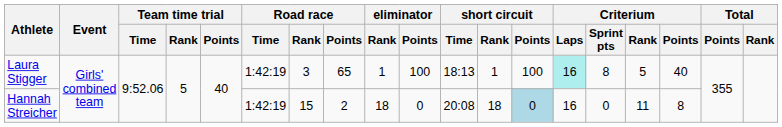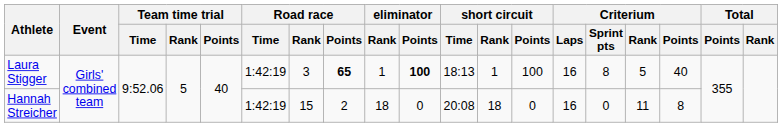 <table class="wikitable" style="text-align:center; font-size:90%;">
 <tr>
 <th rowspan="2">Athlete</th>
 <th rowspan="2">Event</th>
 <th colspan="3">Team time trial</th>
 <th colspan="3">Road race</th>
 <th colspan="2"> eliminator</th>
 <th colspan="3"> short circuit</th>
 <th colspan="4">Criterium</th>
 <th colspan="2">Total</th>
 </tr>
 <tr style="font-size:95%;">
 <th>Time</th>
 <th>Rank</th>
 <th>Points</th>
 <th>Time</th>
 <th>Rank</th>
 <th>Points</th>
 <th>Rank</th>
 <th>Points</th>
 <th>Time</th>
 <th>Rank</th>
 <th>Points</th>
 <th>Laps</th>
 <th>Sprint pts</th>
 <th>Rank</th>
 <th>Points</th>
 <th>Points</th>
 <th>Rank</th>
 </tr>
 <tr>
 <td align=left><a href='#'>Laura Stigger</a></td>
 <td rowspan=2><a href='#'>Girls' combined team</a></td>
 <td rowspan=2>9:52.06</td>
 <td rowspan=2>5</td>
 <td rowspan=2>40</td>
 <td>1:42:19</td>
 <td>3</td>
-<td>65</td>
+<td><strong>65</strong></td>
 <td>1</td>
-<td>100</td>
+<td><strong>100</strong></td>
 <td>18:13</td>
 <td>1</td>
 <td>100</td>
-<td style="background: paleturquoise;">16</td>
+<td>16</td>
 <td>8</td>
 <td>5</td>
 <td>40</td>
 <td rowspan=2>355</td>
 <td rowspan=2></td>
 </tr>
 <tr>
 <td align=left><a href='#'>Hannah Streicher</a></td>
 <td>1:42:19</td>
 <td>15</td>
 <td>2</td>
 <td>18</td>
 <td>0</td>
 <td>20:08</td>
 <td>18</td>
-<td style="background: lightblue;">0</td>
+<td>0</td>
 <td>16</td>
 <td>0</td>
 <td>11</td>
 <td>8</td>
 </tr>
 </table>
